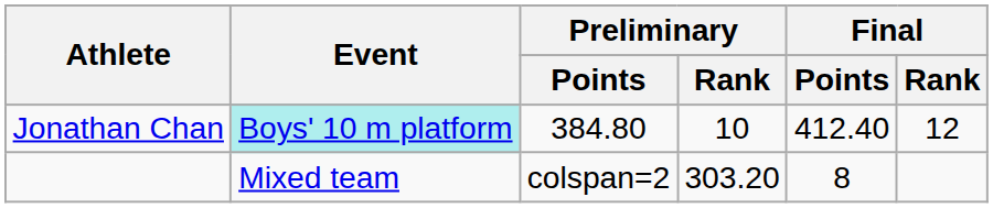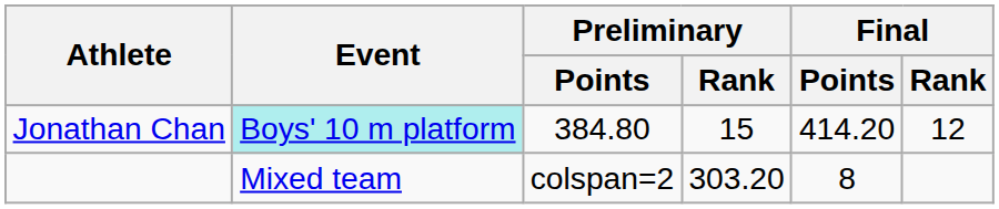 <table class="wikitable" style="font-size:90%;">
 <tr>
 <th rowspan=2>Athlete</th>
 <th rowspan=2>Event</th>
 <th colspan=2>Preliminary</th>
 <th colspan=2>Final</th>
 </tr>
 <tr>
 <th>Points</th>
 <th>Rank</th>
 <th>Points</th>
 <th>Rank</th>
 </tr>
 <tr align=center>
 <td align=left><a href='#'>Jonathan Chan</a></td>
 <td align=left style="background: paleturquoise;"><a href='#'>Boys' 10 m platform</a></td>
 <td>384.80</td>
-<td>10</td>
-<td>412.40</td>
+<td>15</td>
+<td>414.20</td>
 <td>12</td>
 </tr>
 <tr align=center>
 <td align=left><br></td>
 <td align=left><a href='#'>Mixed team</a></td>
 <td>colspan=2 </td>
 <td>303.20</td>
 <td>8</td>
 </tr>
 </table>
